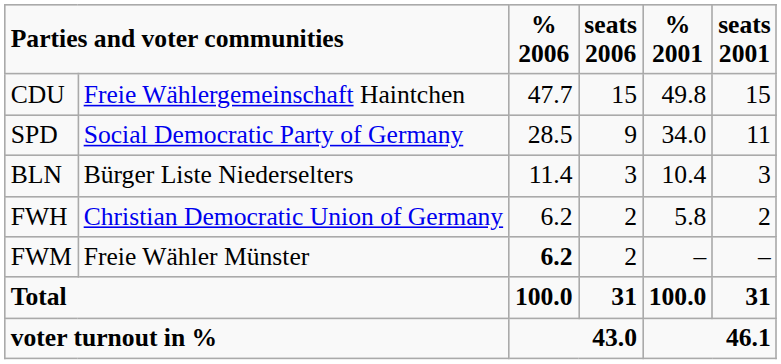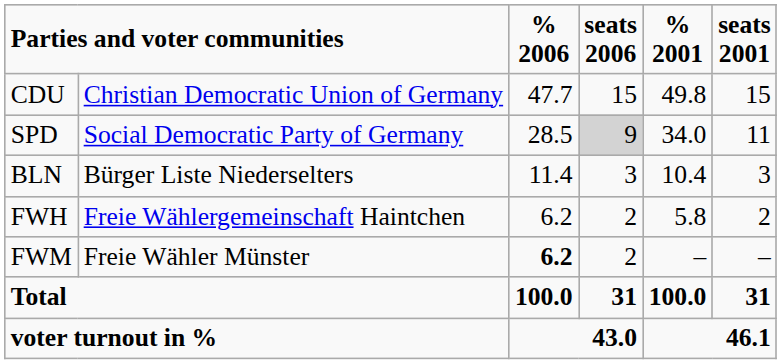 <table class="wikitable">
 <tr --  class="bgcolor5">
 <td colspan="2"><strong>Parties and voter communities</strong></td>
 <td align="center"><strong>%<br>2006</strong></td>
 <td align="center"><strong>seats<br>2006</strong></td>
 <td align="center"><strong>%<br>2001</strong></td>
 <td align="center"><strong>seats<br>2001</strong></td>
 </tr>
 <tr --->
 <td>CDU</td>
-<td><a href='#'>Freie Wählergemeinschaft</a> Haintchen</td>
+<td><a href='#'>Christian Democratic Union of Germany</a></td>
 <td align="right">47.7</td>
 <td align="right">15</td>
 <td align="right">49.8</td>
 <td align="right">15</td>
 </tr>
 <tr --->
 <td>SPD</td>
 <td><a href='#'>Social Democratic Party of Germany</a></td>
 <td align="right">28.5</td>
-<td align="right">9</td>
+<td align="right" style="background: lightgrey;">9</td>
 <td align="right">34.0</td>
 <td align="right">11</td>
 </tr>
 <tr --->
 <td>BLN</td>
 <td>Bürger Liste Niederselters</td>
 <td align="right">11.4</td>
 <td align="right">3</td>
 <td align="right">10.4</td>
 <td align="right">3</td>
 </tr>
 <tr --->
 <td>FWH</td>
-<td><a href='#'>Christian Democratic Union of Germany</a></td>
+<td><a href='#'>Freie Wählergemeinschaft</a> Haintchen</td>
 <td align="right">6.2</td>
 <td align="right">2</td>
 <td align="right">5.8</td>
 <td align="right">2</td>
 </tr>
 <tr --->
 <td>FWM</td>
 <td>Freie Wähler Münster</td>
 <td align="right"><strong>6.2</strong></td>
 <td align="right">2</td>
 <td align="right">–</td>
 <td align="right">–</td>
 </tr>
 <tr --  class="bgcolor5">
 <td colspan="2"><strong>Total</strong></td>
 <td align="right"><strong>100.0</strong></td>
 <td align="right"><strong>31</strong></td>
 <td align="right"><strong>100.0</strong></td>
 <td align="right"><strong>31</strong></td>
 </tr>
 <tr --  class="bgcolor5">
 <td colspan="2"><strong>voter turnout in %</strong></td>
 <td colspan="2" align="right"><strong>43.0</strong></td>
 <td colspan="2" align="right"><strong>46.1</strong></td>
 </tr>
 </table>
